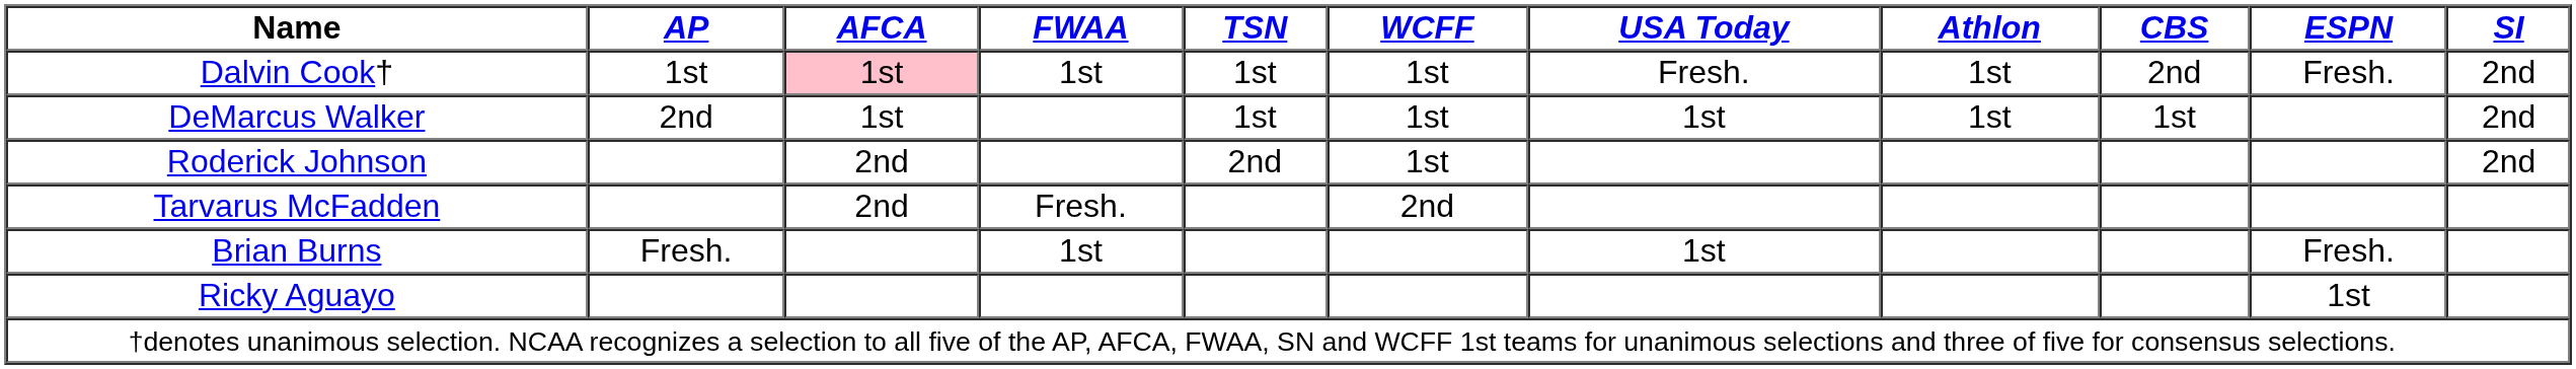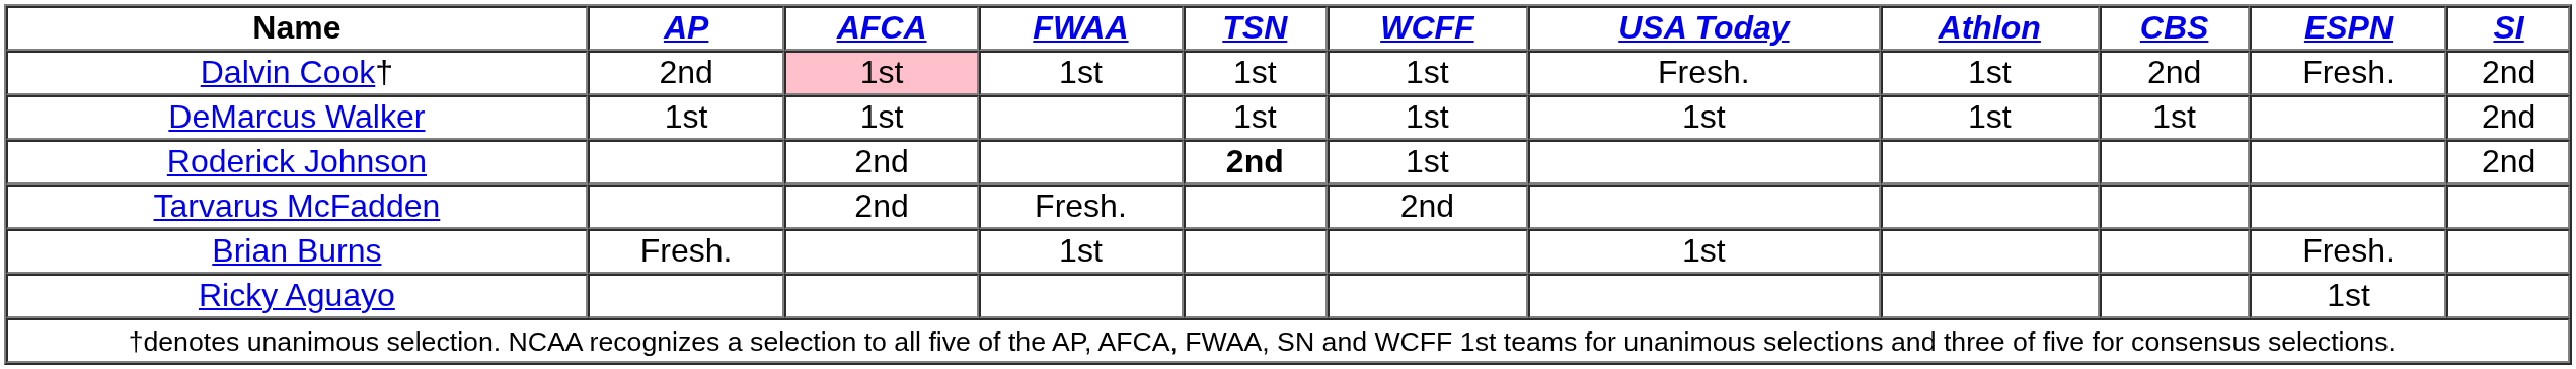 <table cellpadding="1" border="1" cellspacing="0" width="80%">
 <tr>
 <th>Name</th>
 <th><a href='#'><span><em>AP</em></span></a></th>
 <th><a href='#'><span><em>AFCA</em></span></a></th>
 <th><a href='#'><span><em>FWAA</em></span></a></th>
 <th><a href='#'><span><em>TSN</em></span></a></th>
 <th><a href='#'><span><em>WCFF</em></span></a></th>
 <th><a href='#'><span><em>USA Today</em></span></a></th>
 <th><a href='#'><span><em>Athlon</em></span></a></th>
 <th><a href='#'><span><em>CBS</em></span></a></th>
 <th><a href='#'><span><em>ESPN</em></span></a></th>
 <th><a href='#'><span><em>SI</em></span></a></th>
 </tr>
 <tr align="center">
 <td><a href='#'>Dalvin Cook</a>†</td>
-<td>1st</td>
+<td>2nd</td>
 <td style="background: pink;">1st</td>
 <td>1st</td>
 <td>1st</td>
 <td>1st</td>
 <td>Fresh.</td>
 <td>1st</td>
 <td>2nd</td>
 <td>Fresh.</td>
 <td>2nd</td>
 </tr>
 <tr align="center">
 <td><a href='#'>DeMarcus Walker</a></td>
-<td>2nd</td>
+<td>1st</td>
 <td>1st</td>
 <td></td>
 <td>1st</td>
 <td>1st</td>
 <td>1st</td>
 <td>1st</td>
 <td>1st</td>
 <td></td>
 <td>2nd</td>
 </tr>
 <tr align="center">
 <td><a href='#'>Roderick Johnson</a></td>
 <td></td>
 <td>2nd</td>
 <td></td>
-<td>2nd</td>
+<td><strong>2nd</strong></td>
 <td>1st</td>
 <td></td>
 <td></td>
 <td></td>
 <td></td>
 <td>2nd</td>
 </tr>
 <tr align="center">
 <td><a href='#'>Tarvarus McFadden</a></td>
 <td></td>
 <td>2nd</td>
 <td>Fresh.</td>
 <td></td>
 <td>2nd</td>
 <td></td>
 <td></td>
 <td></td>
 <td></td>
 <td></td>
 </tr>
 <tr align="center">
 <td><a href='#'>Brian Burns</a></td>
 <td>Fresh.</td>
 <td></td>
 <td>1st</td>
 <td></td>
 <td></td>
 <td>1st</td>
 <td></td>
 <td></td>
 <td>Fresh.</td>
 <td></td>
 </tr>
 <tr align="center">
 <td><a href='#'>Ricky Aguayo</a></td>
 <td></td>
 <td></td>
 <td></td>
 <td></td>
 <td></td>
 <td></td>
 <td></td>
 <td></td>
 <td>1st</td>
 <td></td>
 </tr>
 <tr align="center">
 <td colspan=16><small>†denotes unanimous selection. NCAA recognizes a selection to all five of the AP, AFCA, FWAA, SN and WCFF 1st teams for unanimous selections and three of five for consensus selections.       </small></td>
 </tr>
 </table>
